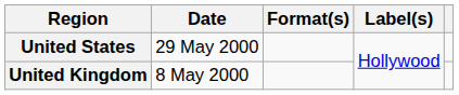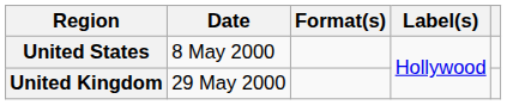 <table class="wikitable plainrowheaders">
 <tr>
 <th scope="col">Region</th>
 <th scope="col">Date</th>
 <th scope="col">Format(s)</th>
 <th scope="col">Label(s)</th>
 <th scope="col"></th>
 </tr>
 <tr>
 <th scope="row">United States</th>
-<td>29 May 2000</td>
+<td>8 May 2000</td>
 <td></td>
 <td rowspan="2"><a href='#'>Hollywood</a></td>
 <td></td>
 </tr>
 <tr>
 <th scope="row">United Kingdom</th>
-<td>8 May 2000</td>
+<td>29 May 2000</td>
 <td></td>
 <td></td>
 </tr>
 </table>
